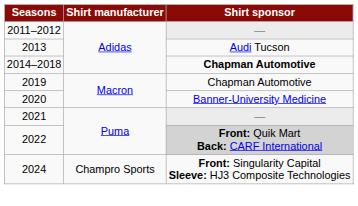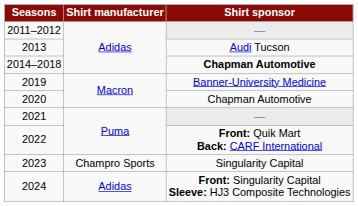 <table class="wikitable" style="text-align:center">
 <tr>
 <th style="color:#FFF; background:#8B0A05">Seasons</th>
 <th style="color:#FFF; background:#8B0A05">Shirt manufacturer</th>
 <th style="color:#FFF; background:#8B0A05">Shirt sponsor</th>
 </tr>
 <tr>
 <td>2011–2012</td>
 <td rowspan="3"><a href='#'>Adidas</a></td>
 <td style="background:#ececec; color:gray">—</td>
 </tr>
 <tr>
 <td>2013</td>
 <td><a href='#'>Audi</a> Tucson</td>
 </tr>
 <tr>
 <td>2014–2018</td>
 <td><strong>Chapman Automotive</strong></td>
 </tr>
 <tr>
 <td>2019</td>
 <td rowspan="2"><a href='#'>Macron</a></td>
-<td>Chapman Automotive</td>
+<td><a href='#'>Banner-University Medicine</a></td>
 </tr>
 <tr>
 <td>2020</td>
-<td><a href='#'>Banner-University Medicine</a></td>
+<td>Chapman Automotive</td>
 </tr>
 <tr>
 <td>2021</td>
 <td rowspan="2"><a href='#'>Puma</a></td>
 <td style="background:#ececec; color:gray">—</td>
 </tr>
 <tr>
 <td>2022</td>
-<td style="background: lightgrey;"><strong>Front:</strong> Quik Mart<br><strong>Back:</strong> <a href='#'>CARF International</a></td>
+<td><strong>Front:</strong> Quik Mart<br><strong>Back:</strong> <a href='#'>CARF International</a></td>
+</tr>
+<tr>
+<td>2023</td>
+<td>Champro Sports</td>
+<td>Singularity Capital</td>
 </tr>
 <tr>
 <td>2024</td>
-<td>Champro Sports</td>
+<td><a href='#'>Adidas</a></td>
 <td><strong>Front:</strong> Singularity Capital<br><strong>Sleeve:</strong> HJ3 Composite Technologies</td>
 </tr>
 </table>
